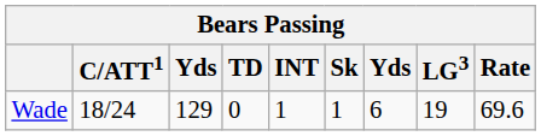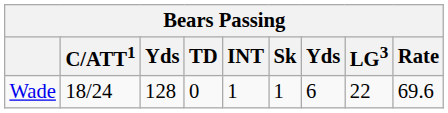 <table class="wikitable">
 <tr>
 <th colspan="9">Bears Passing</th>
 </tr>
 <tr>
 <th></th>
 <th>C/ATT<sup>1</sup></th>
 <th>Yds</th>
 <th>TD</th>
 <th>INT</th>
 <th>Sk</th>
 <th>Yds</th>
 <th>LG<sup>3</sup></th>
 <th>Rate</th>
 </tr>
 <tr>
 <td><a href='#'>Wade</a></td>
 <td>18/24</td>
-<td>129</td>
+<td>128</td>
 <td>0</td>
 <td>1</td>
 <td>1</td>
 <td>6</td>
-<td>19</td>
+<td>22</td>
 <td>69.6</td>
 </tr>
 </table>
